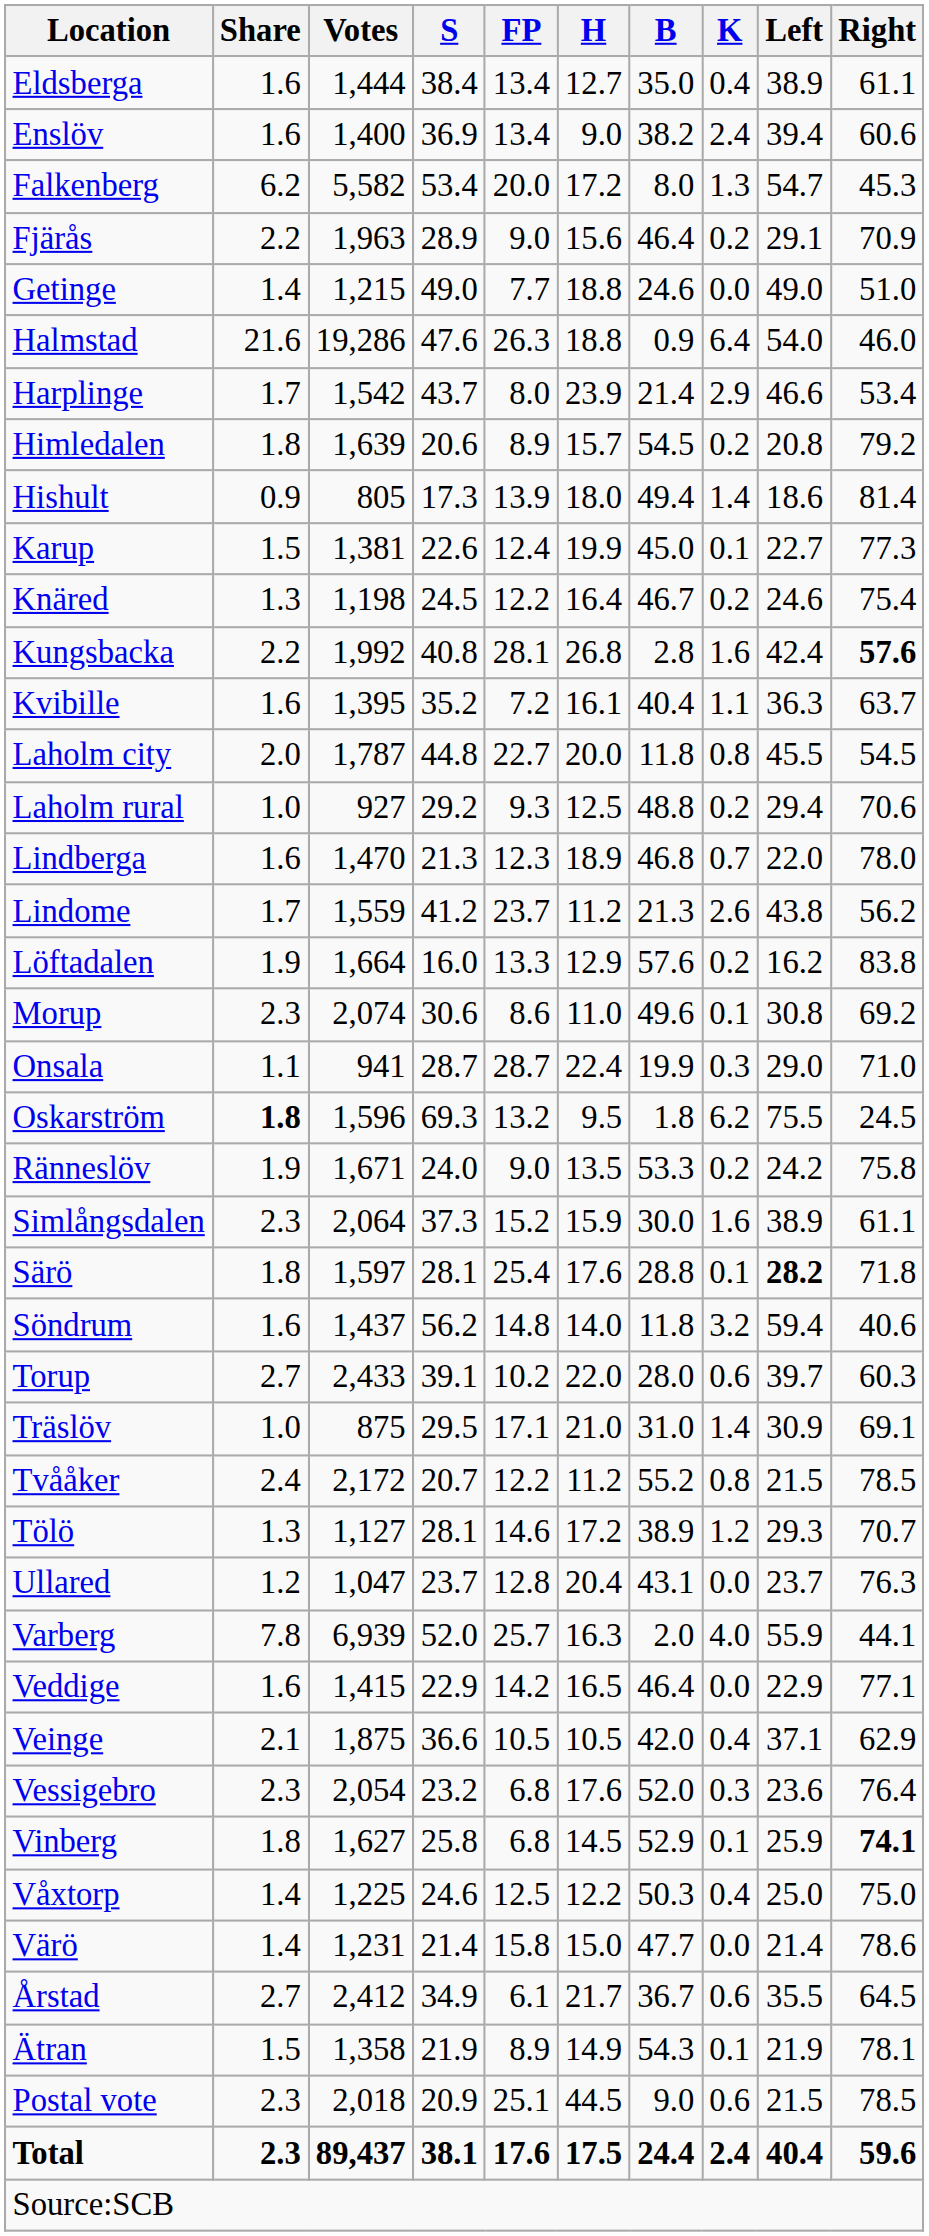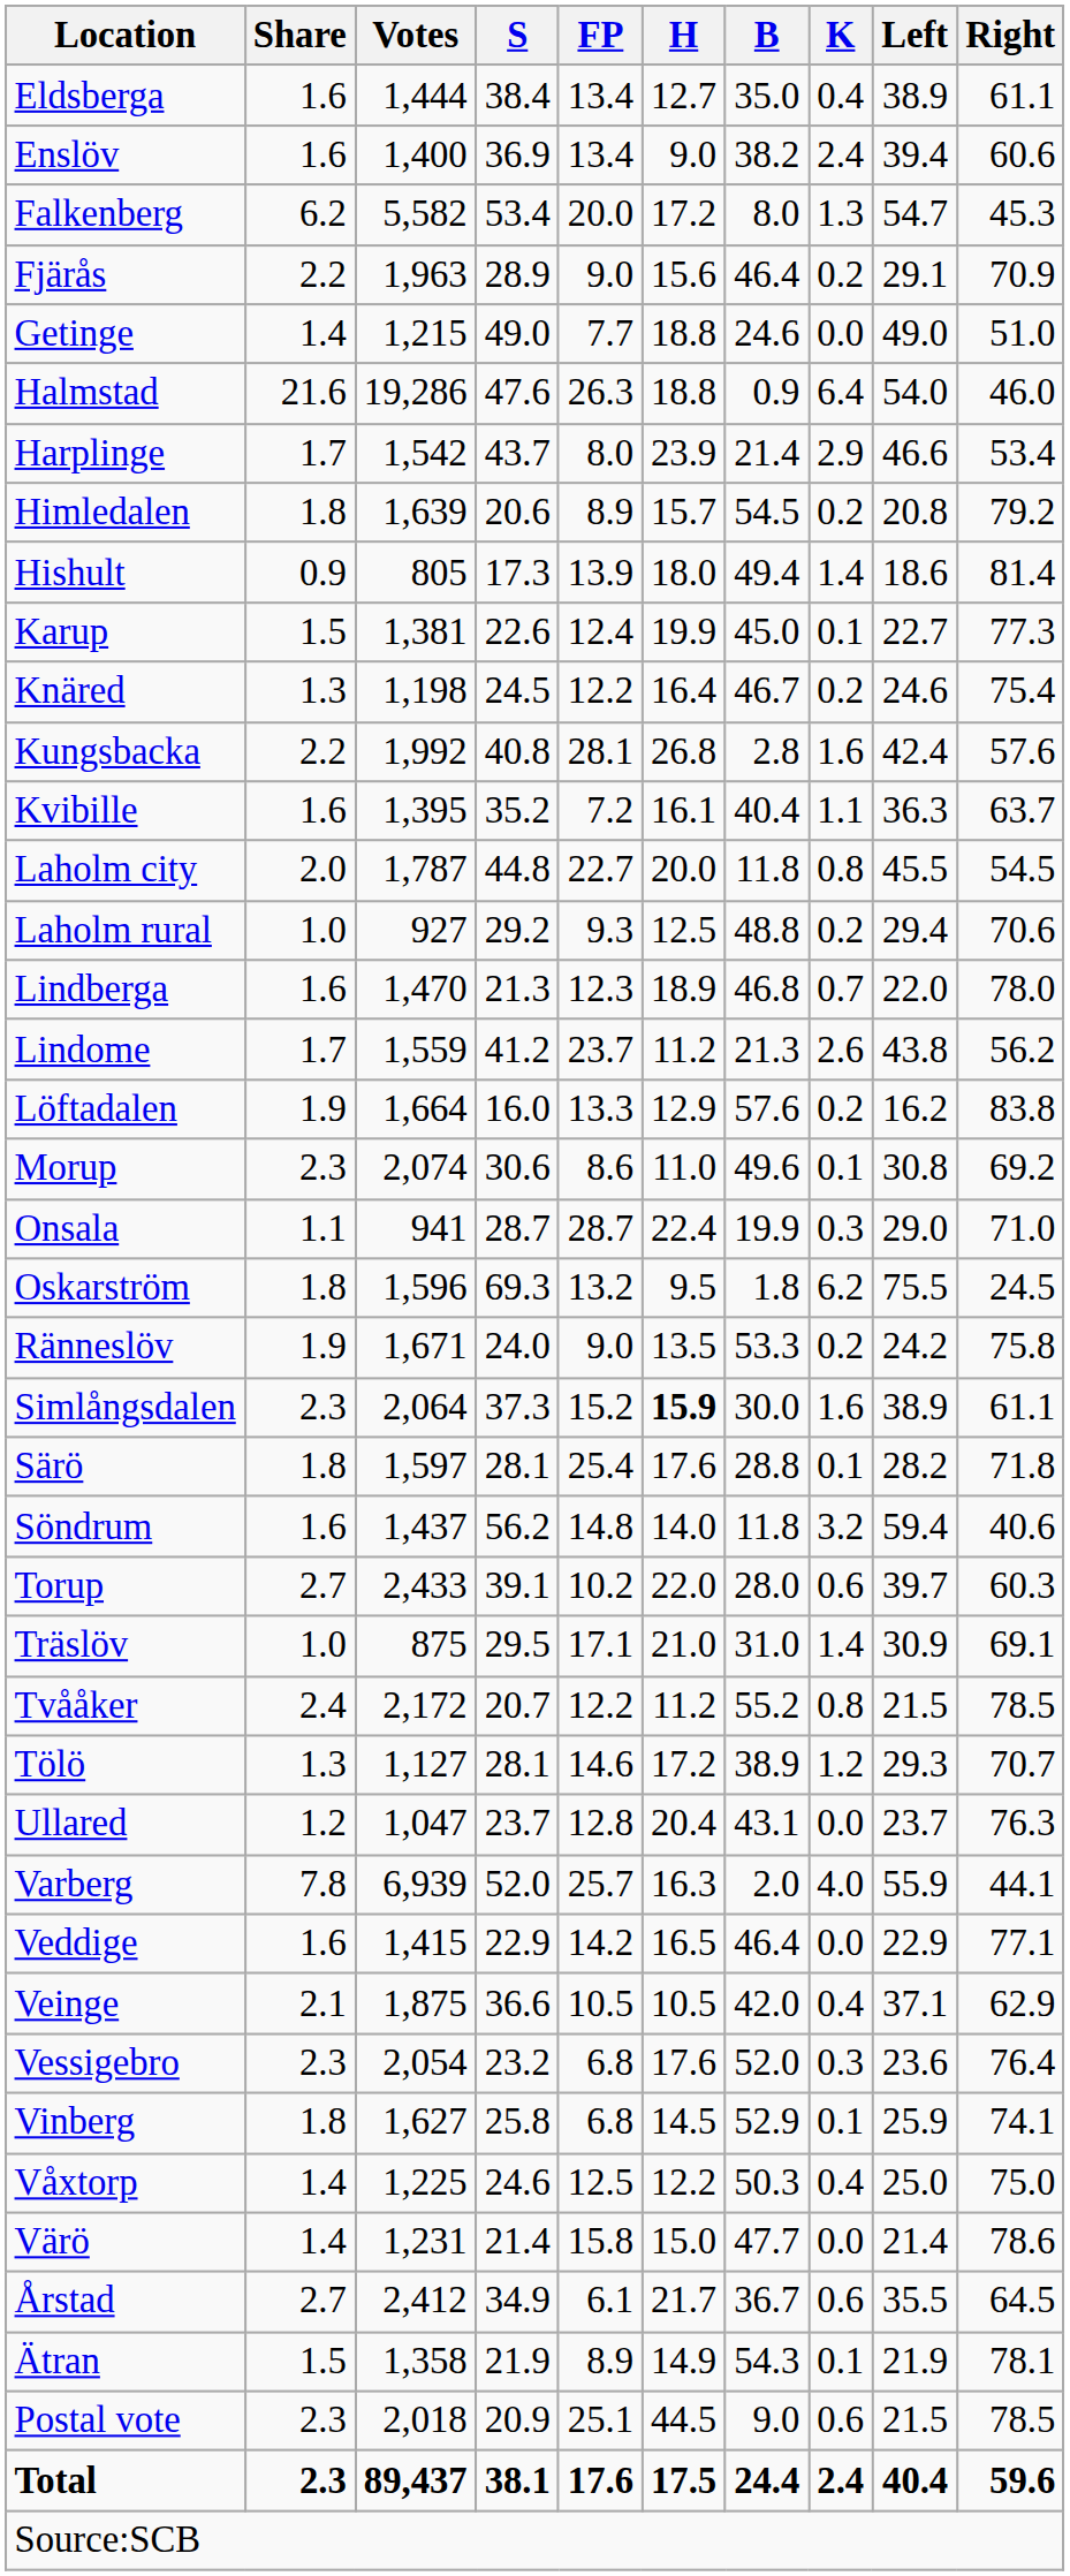 <table class="wikitable sortable" style=text-align:right>
 <tr>
 <th>Location</th>
 <th>Share</th>
 <th>Votes</th>
 <th><a href='#'>S</a></th>
 <th><a href='#'>FP</a></th>
 <th><a href='#'>H</a></th>
 <th><a href='#'>B</a></th>
 <th><a href='#'>K</a></th>
 <th>Left</th>
 <th>Right</th>
 </tr>
 <tr>
 <td align=left><a href='#'>Eldsberga</a></td>
 <td>1.6</td>
 <td>1,444</td>
 <td>38.4</td>
 <td>13.4</td>
 <td>12.7</td>
 <td>35.0</td>
 <td>0.4</td>
 <td>38.9</td>
 <td>61.1</td>
 </tr>
 <tr>
 <td align=left><a href='#'>Enslöv</a></td>
 <td>1.6</td>
 <td>1,400</td>
 <td>36.9</td>
 <td>13.4</td>
 <td>9.0</td>
 <td>38.2</td>
 <td>2.4</td>
 <td>39.4</td>
 <td>60.6</td>
 </tr>
 <tr>
 <td align=left><a href='#'>Falkenberg</a></td>
 <td>6.2</td>
 <td>5,582</td>
 <td>53.4</td>
 <td>20.0</td>
 <td>17.2</td>
 <td>8.0</td>
 <td>1.3</td>
 <td>54.7</td>
 <td>45.3</td>
 </tr>
 <tr>
 <td align=left><a href='#'>Fjärås</a></td>
 <td>2.2</td>
 <td>1,963</td>
 <td>28.9</td>
 <td>9.0</td>
 <td>15.6</td>
 <td>46.4</td>
 <td>0.2</td>
 <td>29.1</td>
 <td>70.9</td>
 </tr>
 <tr>
 <td align=left><a href='#'>Getinge</a></td>
 <td>1.4</td>
 <td>1,215</td>
 <td>49.0</td>
 <td>7.7</td>
 <td>18.8</td>
 <td>24.6</td>
 <td>0.0</td>
 <td>49.0</td>
 <td>51.0</td>
 </tr>
 <tr>
 <td align=left><a href='#'>Halmstad</a></td>
 <td>21.6</td>
 <td>19,286</td>
 <td>47.6</td>
 <td>26.3</td>
 <td>18.8</td>
 <td>0.9</td>
 <td>6.4</td>
 <td>54.0</td>
 <td>46.0</td>
 </tr>
 <tr>
 <td align=left><a href='#'>Harplinge</a></td>
 <td>1.7</td>
 <td>1,542</td>
 <td>43.7</td>
 <td>8.0</td>
 <td>23.9</td>
 <td>21.4</td>
 <td>2.9</td>
 <td>46.6</td>
 <td>53.4</td>
 </tr>
 <tr>
 <td align=left><a href='#'>Himledalen</a></td>
 <td>1.8</td>
 <td>1,639</td>
 <td>20.6</td>
 <td>8.9</td>
 <td>15.7</td>
 <td>54.5</td>
 <td>0.2</td>
 <td>20.8</td>
 <td>79.2</td>
 </tr>
 <tr>
 <td align=left><a href='#'>Hishult</a></td>
 <td>0.9</td>
 <td>805</td>
 <td>17.3</td>
 <td>13.9</td>
 <td>18.0</td>
 <td>49.4</td>
 <td>1.4</td>
 <td>18.6</td>
 <td>81.4</td>
 </tr>
 <tr>
 <td align=left><a href='#'>Karup</a></td>
 <td>1.5</td>
 <td>1,381</td>
 <td>22.6</td>
 <td>12.4</td>
 <td>19.9</td>
 <td>45.0</td>
 <td>0.1</td>
 <td>22.7</td>
 <td>77.3</td>
 </tr>
 <tr>
 <td align=left><a href='#'>Knäred</a></td>
 <td>1.3</td>
 <td>1,198</td>
 <td>24.5</td>
 <td>12.2</td>
 <td>16.4</td>
 <td>46.7</td>
 <td>0.2</td>
 <td>24.6</td>
 <td>75.4</td>
 </tr>
 <tr>
 <td align=left><a href='#'>Kungsbacka</a></td>
 <td>2.2</td>
 <td>1,992</td>
 <td>40.8</td>
 <td>28.1</td>
 <td>26.8</td>
 <td>2.8</td>
 <td>1.6</td>
 <td>42.4</td>
-<td><strong>57.6</strong></td>
+<td>57.6</td>
 </tr>
 <tr>
 <td align=left><a href='#'>Kvibille</a></td>
 <td>1.6</td>
 <td>1,395</td>
 <td>35.2</td>
 <td>7.2</td>
 <td>16.1</td>
 <td>40.4</td>
 <td>1.1</td>
 <td>36.3</td>
 <td>63.7</td>
 </tr>
 <tr>
 <td align=left><a href='#'>Laholm city</a></td>
 <td>2.0</td>
 <td>1,787</td>
 <td>44.8</td>
 <td>22.7</td>
 <td>20.0</td>
 <td>11.8</td>
 <td>0.8</td>
 <td>45.5</td>
 <td>54.5</td>
 </tr>
 <tr>
 <td align=left><a href='#'>Laholm rural</a></td>
 <td>1.0</td>
 <td>927</td>
 <td>29.2</td>
 <td>9.3</td>
 <td>12.5</td>
 <td>48.8</td>
 <td>0.2</td>
 <td>29.4</td>
 <td>70.6</td>
 </tr>
 <tr>
 <td align=left><a href='#'>Lindberga</a></td>
 <td>1.6</td>
 <td>1,470</td>
 <td>21.3</td>
 <td>12.3</td>
 <td>18.9</td>
 <td>46.8</td>
 <td>0.7</td>
 <td>22.0</td>
 <td>78.0</td>
 </tr>
 <tr>
 <td align=left><a href='#'>Lindome</a></td>
 <td>1.7</td>
 <td>1,559</td>
 <td>41.2</td>
 <td>23.7</td>
 <td>11.2</td>
 <td>21.3</td>
 <td>2.6</td>
 <td>43.8</td>
 <td>56.2</td>
 </tr>
 <tr>
 <td align=left><a href='#'>Löftadalen</a></td>
 <td>1.9</td>
 <td>1,664</td>
 <td>16.0</td>
 <td>13.3</td>
 <td>12.9</td>
 <td>57.6</td>
 <td>0.2</td>
 <td>16.2</td>
 <td>83.8</td>
 </tr>
 <tr>
 <td align=left><a href='#'>Morup</a></td>
 <td>2.3</td>
 <td>2,074</td>
 <td>30.6</td>
 <td>8.6</td>
 <td>11.0</td>
 <td>49.6</td>
 <td>0.1</td>
 <td>30.8</td>
 <td>69.2</td>
 </tr>
 <tr>
 <td align=left><a href='#'>Onsala</a></td>
 <td>1.1</td>
 <td>941</td>
 <td>28.7</td>
 <td>28.7</td>
 <td>22.4</td>
 <td>19.9</td>
 <td>0.3</td>
 <td>29.0</td>
 <td>71.0</td>
 </tr>
 <tr>
 <td align=left><a href='#'>Oskarström</a></td>
-<td><strong>1.8</strong></td>
+<td>1.8</td>
 <td>1,596</td>
 <td>69.3</td>
 <td>13.2</td>
 <td>9.5</td>
 <td>1.8</td>
 <td>6.2</td>
 <td>75.5</td>
 <td>24.5</td>
 </tr>
 <tr>
 <td align=left><a href='#'>Ränneslöv</a></td>
 <td>1.9</td>
 <td>1,671</td>
 <td>24.0</td>
 <td>9.0</td>
 <td>13.5</td>
 <td>53.3</td>
 <td>0.2</td>
 <td>24.2</td>
 <td>75.8</td>
 </tr>
 <tr>
 <td align=left><a href='#'>Simlångsdalen</a></td>
 <td>2.3</td>
 <td>2,064</td>
 <td>37.3</td>
 <td>15.2</td>
-<td>15.9</td>
+<td><strong>15.9</strong></td>
 <td>30.0</td>
 <td>1.6</td>
 <td>38.9</td>
 <td>61.1</td>
 </tr>
 <tr>
 <td align=left><a href='#'>Särö</a></td>
 <td>1.8</td>
 <td>1,597</td>
 <td>28.1</td>
 <td>25.4</td>
 <td>17.6</td>
 <td>28.8</td>
 <td>0.1</td>
-<td><strong>28.2</strong></td>
+<td>28.2</td>
 <td>71.8</td>
 </tr>
 <tr>
 <td align=left><a href='#'>Söndrum</a></td>
 <td>1.6</td>
 <td>1,437</td>
 <td>56.2</td>
 <td>14.8</td>
 <td>14.0</td>
 <td>11.8</td>
 <td>3.2</td>
 <td>59.4</td>
 <td>40.6</td>
 </tr>
 <tr>
 <td align=left><a href='#'>Torup</a></td>
 <td>2.7</td>
 <td>2,433</td>
 <td>39.1</td>
 <td>10.2</td>
 <td>22.0</td>
 <td>28.0</td>
 <td>0.6</td>
 <td>39.7</td>
 <td>60.3</td>
 </tr>
 <tr>
 <td align=left><a href='#'>Träslöv</a></td>
 <td>1.0</td>
 <td>875</td>
 <td>29.5</td>
 <td>17.1</td>
 <td>21.0</td>
 <td>31.0</td>
 <td>1.4</td>
 <td>30.9</td>
 <td>69.1</td>
 </tr>
 <tr>
 <td align=left><a href='#'>Tvååker</a></td>
 <td>2.4</td>
 <td>2,172</td>
 <td>20.7</td>
 <td>12.2</td>
 <td>11.2</td>
 <td>55.2</td>
 <td>0.8</td>
 <td>21.5</td>
 <td>78.5</td>
 </tr>
 <tr>
 <td align=left><a href='#'>Tölö</a></td>
 <td>1.3</td>
 <td>1,127</td>
 <td>28.1</td>
 <td>14.6</td>
 <td>17.2</td>
 <td>38.9</td>
 <td>1.2</td>
 <td>29.3</td>
 <td>70.7</td>
 </tr>
 <tr>
 <td align=left><a href='#'>Ullared</a></td>
 <td>1.2</td>
 <td>1,047</td>
 <td>23.7</td>
 <td>12.8</td>
 <td>20.4</td>
 <td>43.1</td>
 <td>0.0</td>
 <td>23.7</td>
 <td>76.3</td>
 </tr>
 <tr>
 <td align=left><a href='#'>Varberg</a></td>
 <td>7.8</td>
 <td>6,939</td>
 <td>52.0</td>
 <td>25.7</td>
 <td>16.3</td>
 <td>2.0</td>
 <td>4.0</td>
 <td>55.9</td>
 <td>44.1</td>
 </tr>
 <tr>
 <td align=left><a href='#'>Veddige</a></td>
 <td>1.6</td>
 <td>1,415</td>
 <td>22.9</td>
 <td>14.2</td>
 <td>16.5</td>
 <td>46.4</td>
 <td>0.0</td>
 <td>22.9</td>
 <td>77.1</td>
 </tr>
 <tr>
 <td align=left><a href='#'>Veinge</a></td>
 <td>2.1</td>
 <td>1,875</td>
 <td>36.6</td>
 <td>10.5</td>
 <td>10.5</td>
 <td>42.0</td>
 <td>0.4</td>
 <td>37.1</td>
 <td>62.9</td>
 </tr>
 <tr>
 <td align=left><a href='#'>Vessigebro</a></td>
 <td>2.3</td>
 <td>2,054</td>
 <td>23.2</td>
 <td>6.8</td>
 <td>17.6</td>
 <td>52.0</td>
 <td>0.3</td>
 <td>23.6</td>
 <td>76.4</td>
 </tr>
 <tr>
 <td align=left><a href='#'>Vinberg</a></td>
 <td>1.8</td>
 <td>1,627</td>
 <td>25.8</td>
 <td>6.8</td>
 <td>14.5</td>
 <td>52.9</td>
 <td>0.1</td>
 <td>25.9</td>
-<td><strong>74.1</strong></td>
+<td>74.1</td>
 </tr>
 <tr>
 <td align=left><a href='#'>Våxtorp</a></td>
 <td>1.4</td>
 <td>1,225</td>
 <td>24.6</td>
 <td>12.5</td>
 <td>12.2</td>
 <td>50.3</td>
 <td>0.4</td>
 <td>25.0</td>
 <td>75.0</td>
 </tr>
 <tr>
 <td align=left><a href='#'>Värö</a></td>
 <td>1.4</td>
 <td>1,231</td>
 <td>21.4</td>
 <td>15.8</td>
 <td>15.0</td>
 <td>47.7</td>
 <td>0.0</td>
 <td>21.4</td>
 <td>78.6</td>
 </tr>
 <tr>
 <td align=left><a href='#'>Årstad</a></td>
 <td>2.7</td>
 <td>2,412</td>
 <td>34.9</td>
 <td>6.1</td>
 <td>21.7</td>
 <td>36.7</td>
 <td>0.6</td>
 <td>35.5</td>
 <td>64.5</td>
 </tr>
 <tr>
 <td align=left><a href='#'>Ätran</a></td>
 <td>1.5</td>
 <td>1,358</td>
 <td>21.9</td>
 <td>8.9</td>
 <td>14.9</td>
 <td>54.3</td>
 <td>0.1</td>
 <td>21.9</td>
 <td>78.1</td>
 </tr>
 <tr>
 <td align=left><a href='#'>Postal vote</a></td>
 <td>2.3</td>
 <td>2,018</td>
 <td>20.9</td>
 <td>25.1</td>
 <td>44.5</td>
 <td>9.0</td>
 <td>0.6</td>
 <td>21.5</td>
 <td>78.5</td>
 </tr>
 <tr>
 <td align=left><strong>Total</strong></td>
 <td><strong>2.3</strong></td>
 <td><strong>89,437</strong></td>
 <td><strong>38.1</strong></td>
 <td><strong>17.6</strong></td>
 <td><strong>17.5</strong></td>
 <td><strong>24.4</strong></td>
 <td><strong>2.4</strong></td>
 <td><strong>40.4</strong></td>
 <td><strong>59.6</strong></td>
 </tr>
 <tr>
 <td align=left colspan=10>Source:SCB </td>
 </tr>
 </table>
